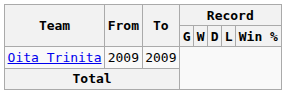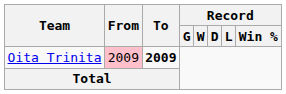 <table class="wikitable" style="text-align: center">
 <tr>
 <th rowspan="2">Team</th>
 <th rowspan="2">From</th>
 <th rowspan="2">To</th>
 <th colspan="5">Record</th>
 </tr>
 <tr>
 <th>G</th>
 <th>W</th>
 <th>D</th>
 <th>L</th>
 <th>Win %</th>
 </tr>
 <tr>
 <td align="left"><a href='#'>Oita Trinita</a></td>
-<td align="left">2009</td>
-<td align="left">2009<br></td>
+<td align="left" style="background: pink;">2009</td>
+<td align="left"><strong>2009<br></strong></td>
 </tr>
 <tr>
 <th colspan="3">Total<br></th>
 </tr>
 </table>
